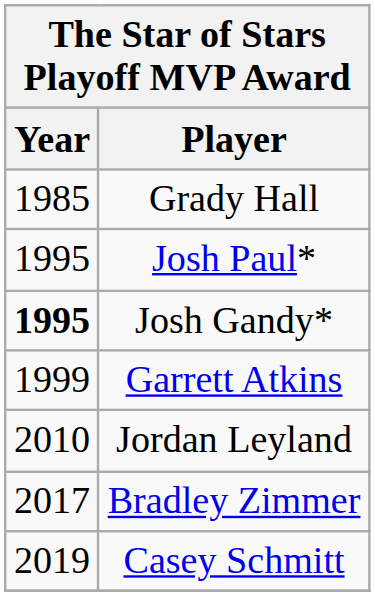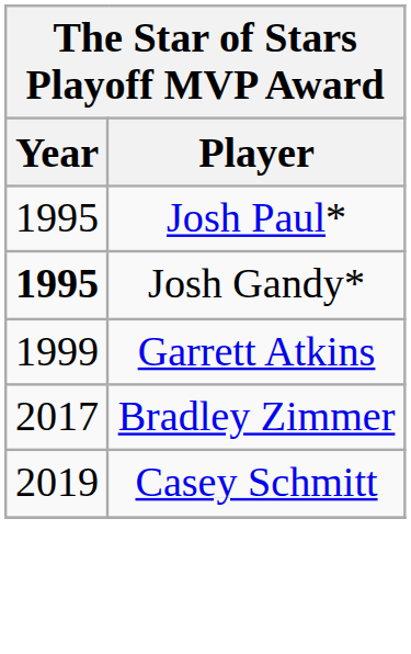 <table class="wikitable" style="display: inline-table; margin-right: 20px; text-align:center">
 <tr>
 <th scope="col" colspan="2" style="width: 145px;">The Star of Stars Playoff MVP Award</th>
 </tr>
 <tr>
 <th scope="col">Year</th>
 <th scope="col">Player</th>
-</tr>
-<tr>
-<td>1985</td>
-<td>Grady Hall</td>
 </tr>
 <tr>
 <td>1995</td>
 <td><a href='#'>Josh Paul</a>*</td>
 </tr>
 <tr>
 <td><strong>1995</strong></td>
 <td>Josh Gandy*</td>
 </tr>
 <tr>
 <td>1999</td>
 <td><a href='#'>Garrett Atkins</a></td>
 </tr>
 <tr>
-<td>2010</td>
-<td>Jordan Leyland</td>
-</tr>
-<tr>
 <td>2017</td>
 <td><a href='#'>Bradley Zimmer</a></td>
 </tr>
 <tr>
 <td>2019</td>
 <td><a href='#'>Casey Schmitt</a></td>
 </tr>
 <tr>
 </tr>
 </table>
